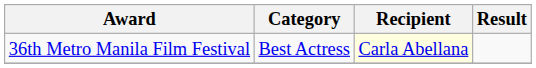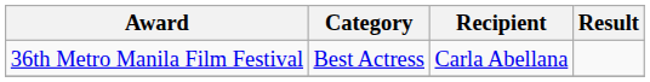 <table class="wikitable">
 <tr>
 <th>Award</th>
 <th>Category</th>
 <th>Recipient</th>
 <th>Result</th>
 </tr>
 <tr>
 <td><a href='#'>36th Metro Manila Film Festival</a></td>
 <td><a href='#'>Best Actress</a></td>
-<td style="background: lightyellow;"><a href='#'>Carla Abellana</a></td>
+<td><a href='#'>Carla Abellana</a></td>
 <td></td>
 </tr>
 <tr>
 </tr>
 </table>
